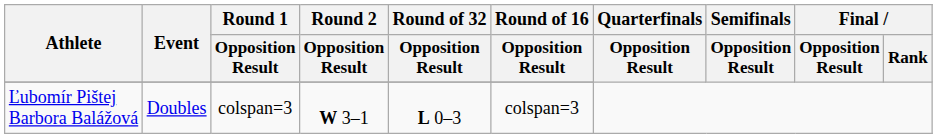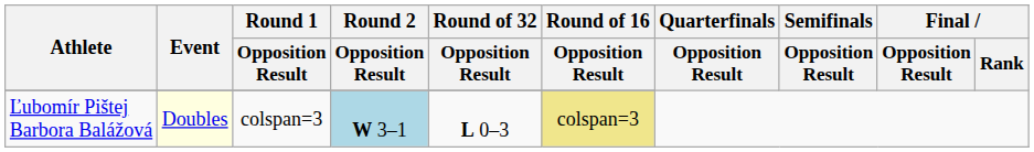 <table class="wikitable" style="font-size:90%">
 <tr>
 <th rowspan=2>Athlete</th>
 <th rowspan=2>Event</th>
 <th>Round 1</th>
 <th>Round 2</th>
 <th>Round of 32</th>
 <th>Round of 16</th>
 <th>Quarterfinals</th>
 <th>Semifinals</th>
 <th colspan=2>Final / </th>
 </tr>
 <tr style="font-size:95%">
 <th>Opposition<br>Result</th>
 <th>Opposition<br>Result</th>
 <th>Opposition<br>Result</th>
 <th>Opposition<br>Result</th>
 <th>Opposition<br>Result</th>
 <th>Opposition<br>Result</th>
 <th>Opposition<br>Result</th>
 <th>Rank</th>
 </tr>
 <tr align=center>
 </tr>
 <tr align=center>
 <td align=left><a href='#'>Ľubomír Pištej</a><br><a href='#'>Barbora Balážová</a></td>
-<td align=left><a href='#'>Doubles</a></td>
+<td align=left style="background: lightyellow;"><a href='#'>Doubles</a></td>
 <td>colspan=3</td>
-<td><br><strong>W</strong> 3–1</td>
+<td style="background: lightblue;"><br><strong>W</strong> 3–1</td>
 <td><br><strong>L</strong> 0–3</td>
-<td>colspan=3 </td>
+<td style="background: khaki;">colspan=3 </td>
 </tr>
 </table>
